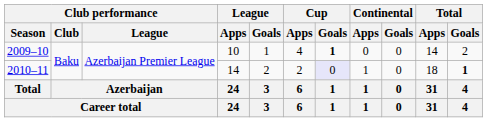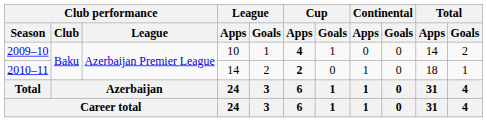 <table class="wikitable" style="text-align:center">
 <tr>
 <th colspan=3>Club performance</th>
 <th colspan=2>League</th>
 <th colspan=2>Cup</th>
 <th colspan=2>Continental</th>
 <th colspan=2>Total</th>
 </tr>
 <tr>
 <th>Season</th>
 <th>Club</th>
 <th>League</th>
 <th>Apps</th>
 <th>Goals</th>
 <th>Apps</th>
 <th>Goals</th>
 <th>Apps</th>
 <th>Goals</th>
 <th>Apps</th>
 <th>Goals</th>
 </tr>
 <tr>
 <td><a href='#'>2009–10</a></td>
 <td rowspan="2"><a href='#'>Baku</a></td>
 <td rowspan="2"><a href='#'>Azerbaijan Premier League</a></td>
 <td>10</td>
 <td>1</td>
-<td>4</td>
-<td><strong>1</strong></td>
+<td><strong>4</strong></td>
+<td>1</td>
 <td>0</td>
 <td>0</td>
 <td>14</td>
 <td>2</td>
 </tr>
 <tr>
 <td><a href='#'>2010–11</a></td>
 <td>14</td>
 <td>2</td>
-<td>2</td>
-<td style="background: lavender;">0</td>
+<td><strong>2</strong></td>
+<td>0</td>
 <td>1</td>
 <td>0</td>
 <td>18</td>
-<td><strong>1</strong></td>
+<td>1</td>
 </tr>
 <tr>
 <th rowspan=1>Total</th>
 <th colspan=2>Azerbaijan</th>
 <th>24</th>
 <th>3</th>
 <th>6</th>
 <th>1</th>
 <th>1</th>
 <th>0</th>
 <th>31</th>
 <th>4</th>
 </tr>
 <tr>
 <th colspan=3>Career total</th>
 <th>24</th>
 <th>3</th>
 <th>6</th>
 <th>1</th>
 <th>1</th>
 <th>0</th>
 <th>31</th>
 <th>4</th>
 </tr>
 </table>
